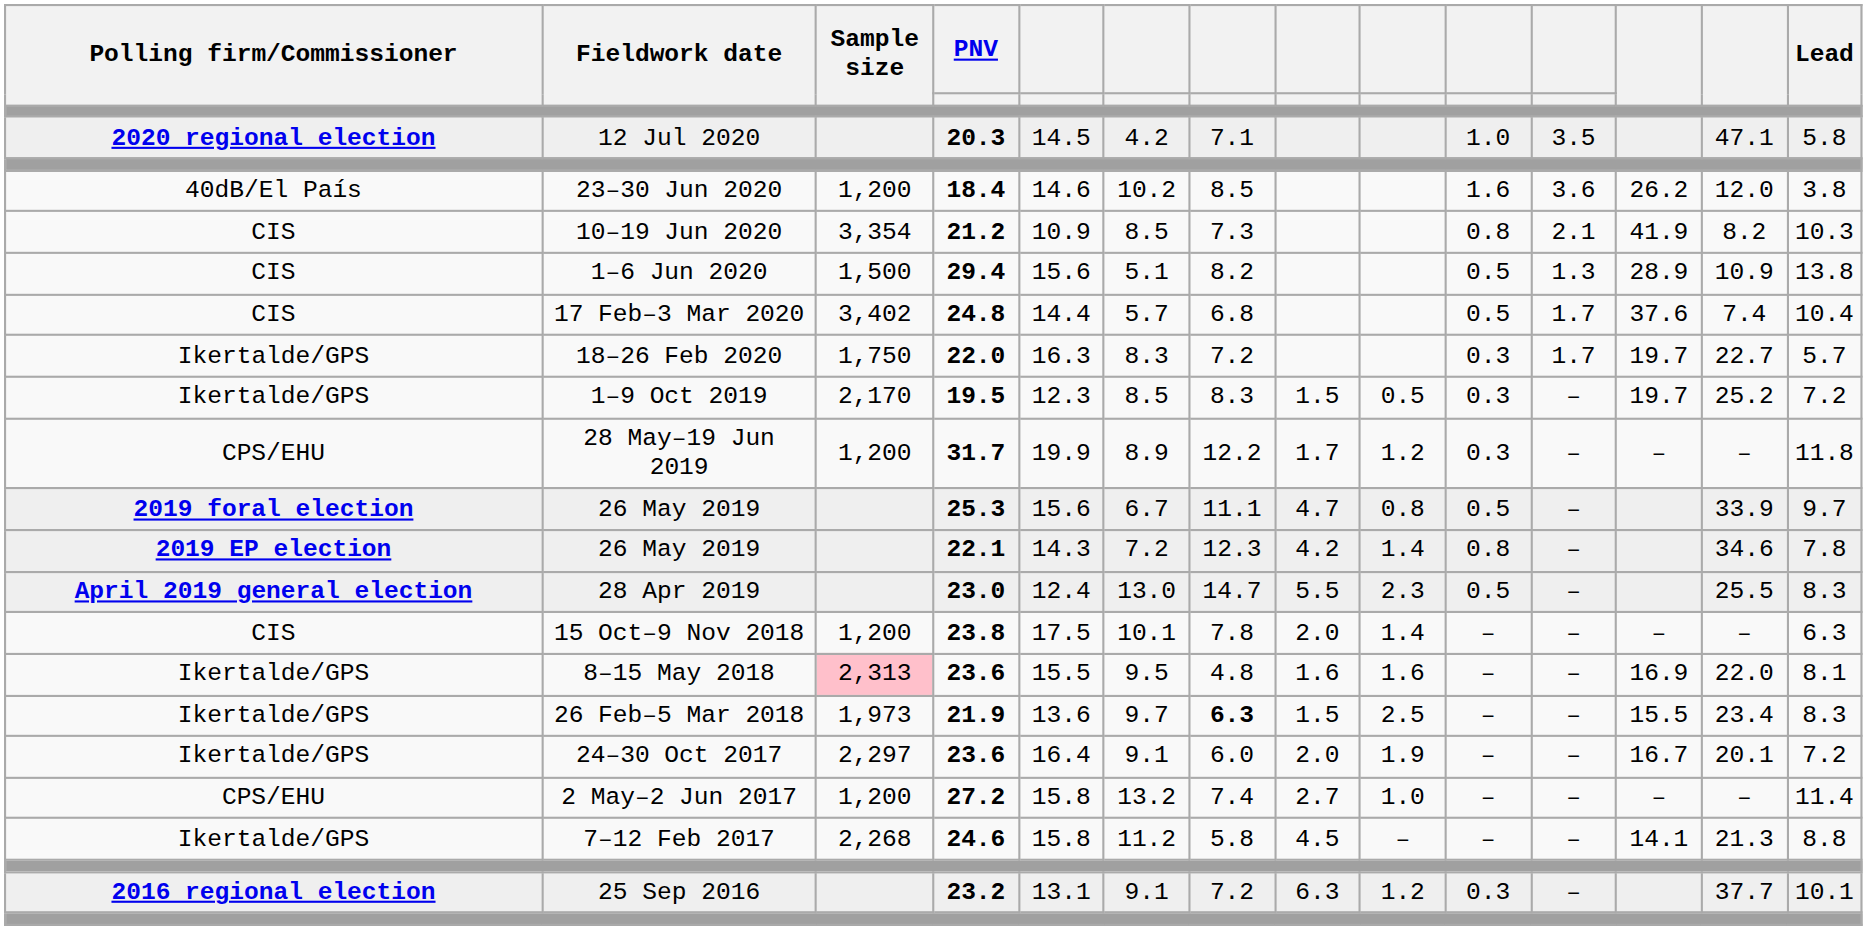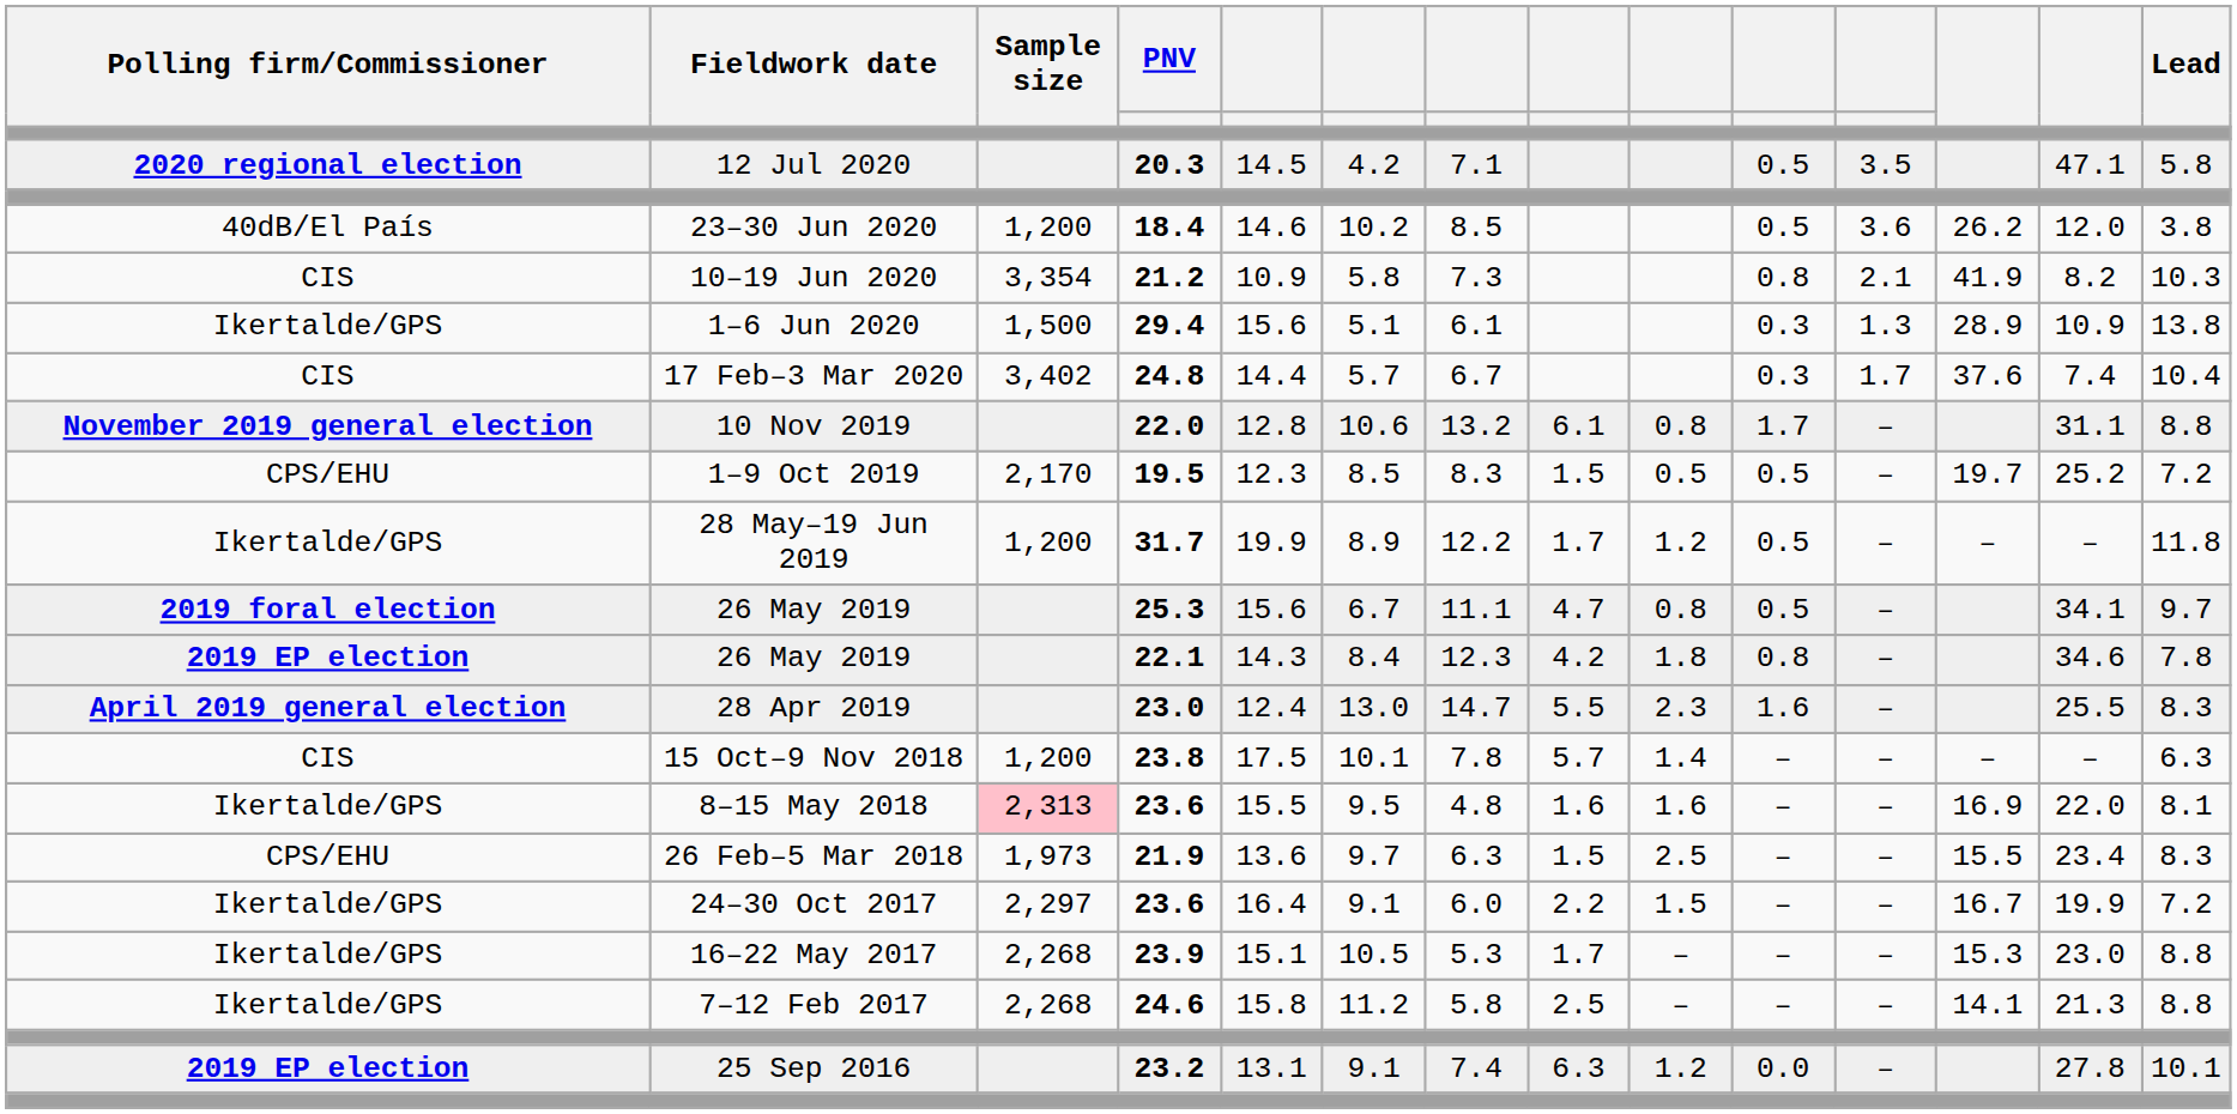 <table class="wikitable collapsible collapsed" style="text-align:center; font-size:90%; line-height:14px;">
 <tr style="height:42px;">
 <th style="width:250px;" rowspan="2">Polling firm/Commissioner</th>
 <th style="width:125px;" rowspan="2">Fieldwork date</th>
 <th style="width:50px;" rowspan="2">Sample size</th>
 <th style="width:35px;"><a href='#'>PNV</a></th>
 <th style="width:35px;"></th>
 <th style="width:35px;"></th>
 <th style="width:35px;"></th>
 <th style="width:35px;"></th>
 <th style="width:35px;"></th>
 <th style="width:35px;"></th>
 <th style="width:35px;"></th>
 <th style="width:35px;" rowspan="2"></th>
 <th style="width:35px;" rowspan="2"></th>
 <th style="width:30px;" rowspan="2">Lead</th>
 </tr>
 <tr>
 <th style="color:inherit;background:"></th>
 <th style="color:inherit;background:"></th>
 <th style="color:inherit;background:"></th>
 <th style="color:inherit;background:"></th>
 <th style="color:inherit;background:"></th>
 <th style="color:inherit;background:"></th>
 <th style="color:inherit;background:"></th>
 <th style="color:inherit;background:"></th>
 </tr>
 <tr>
 <td colspan="14" style="background:#A0A0A0"></td>
 </tr>
 <tr style="background:#EFEFEF;">
 <td><strong><a href='#'>2020 regional election</a></strong></td>
 <td>12 Jul 2020</td>
 <td></td>
 <td><strong>20.3</strong></td>
 <td>14.5</td>
 <td>4.2</td>
 <td>7.1</td>
 <td></td>
 <td></td>
-<td>1.0</td>
+<td>0.5</td>
 <td>3.5</td>
 <td></td>
 <td>47.1</td>
 <td style="background:">5.8</td>
 </tr>
 <tr>
 <td colspan="14" style="background:#A0A0A0"></td>
 </tr>
 <tr>
 <td>40dB/El País</td>
 <td>23–30 Jun 2020</td>
 <td>1,200</td>
 <td><strong>18.4</strong></td>
 <td>14.6</td>
 <td>10.2</td>
 <td>8.5</td>
 <td></td>
 <td></td>
-<td>1.6</td>
+<td>0.5</td>
 <td>3.6</td>
 <td>26.2</td>
 <td>12.0</td>
 <td style="background:">3.8</td>
 </tr>
 <tr>
 <td>CIS</td>
 <td>10–19 Jun 2020</td>
 <td>3,354</td>
 <td><strong>21.2</strong></td>
 <td>10.9</td>
-<td>8.5</td>
+<td>5.8</td>
 <td>7.3</td>
 <td></td>
 <td></td>
 <td>0.8</td>
 <td>2.1</td>
 <td>41.9</td>
 <td>8.2</td>
 <td style="background:">10.3</td>
 </tr>
 <tr>
-<td>CIS</td>
+<td>Ikertalde/GPS</td>
 <td>1–6 Jun 2020</td>
 <td>1,500</td>
 <td><strong>29.4</strong></td>
 <td>15.6</td>
 <td>5.1</td>
-<td>8.2</td>
+<td>6.1</td>
 <td></td>
 <td></td>
-<td>0.5</td>
+<td>0.3</td>
 <td>1.3</td>
 <td>28.9</td>
 <td>10.9</td>
 <td style="background:">13.8</td>
 </tr>
 <tr>
 <td>CIS</td>
 <td>17 Feb–3 Mar 2020</td>
 <td>3,402</td>
 <td><strong>24.8</strong></td>
 <td>14.4</td>
 <td>5.7</td>
-<td>6.8</td>
+<td>6.7</td>
 <td></td>
 <td></td>
-<td>0.5</td>
+<td>0.3</td>
 <td>1.7</td>
 <td>37.6</td>
 <td>7.4</td>
 <td style="background:">10.4</td>
 </tr>
-<tr>
-<td>Ikertalde/GPS</td>
-<td>18–26 Feb 2020</td>
-<td>1,750</td>
+<tr style="background:#EFEFEF;">
+<td><strong><a href='#'>November 2019 general election</a></strong></td>
+<td>10 Nov 2019</td>
+<td></td>
 <td><strong>22.0</strong></td>
-<td>16.3</td>
-<td>8.3</td>
-<td>7.2</td>
+<td>12.8</td>
+<td>10.6</td>
+<td>13.2</td>
+<td>6.1</td>
+<td>0.8</td>
+<td>1.7</td>
+<td>–</td>
 <td></td>
-<td></td>
-<td>0.3</td>
-<td>1.7</td>
-<td>19.7</td>
-<td>22.7</td>
-<td style="background:">5.7</td>
+<td>31.1</td>
+<td style="background:">8.8</td>
 </tr>
 <tr>
-<td>Ikertalde/GPS</td>
+<td>CPS/EHU</td>
 <td>1–9 Oct 2019</td>
 <td>2,170</td>
 <td><strong>19.5</strong></td>
 <td>12.3</td>
 <td>8.5</td>
 <td>8.3</td>
 <td>1.5</td>
 <td>0.5</td>
-<td>0.3</td>
+<td>0.5</td>
 <td>–</td>
 <td>19.7</td>
 <td>25.2</td>
 <td style="background:">7.2</td>
 </tr>
 <tr>
-<td>CPS/EHU</td>
+<td>Ikertalde/GPS</td>
 <td>28 May–19 Jun 2019</td>
 <td>1,200</td>
 <td><strong>31.7</strong></td>
 <td>19.9</td>
 <td>8.9</td>
 <td>12.2</td>
 <td>1.7</td>
 <td>1.2</td>
-<td>0.3</td>
+<td>0.5</td>
 <td>–</td>
 <td>–</td>
 <td>–</td>
 <td style="background:">11.8</td>
 </tr>
 <tr style="background:#EFEFEF;">
 <td><strong><a href='#'>2019 foral election</a></strong></td>
 <td>26 May 2019</td>
 <td></td>
 <td><strong>25.3</strong></td>
 <td>15.6</td>
 <td>6.7</td>
 <td>11.1</td>
 <td>4.7</td>
 <td>0.8</td>
 <td>0.5</td>
 <td>–</td>
 <td></td>
-<td>33.9</td>
+<td>34.1</td>
 <td style="background:">9.7</td>
 </tr>
 <tr style="background:#EFEFEF;">
 <td><strong><a href='#'>2019 EP election</a></strong></td>
 <td>26 May 2019</td>
 <td></td>
 <td><strong>22.1</strong></td>
 <td>14.3</td>
-<td>7.2</td>
+<td>8.4</td>
 <td>12.3</td>
 <td>4.2</td>
-<td>1.4</td>
+<td>1.8</td>
 <td>0.8</td>
 <td>–</td>
 <td></td>
 <td>34.6</td>
 <td style="background:">7.8</td>
 </tr>
 <tr style="background:#EFEFEF;">
 <td><strong><a href='#'>April 2019 general election</a></strong></td>
 <td>28 Apr 2019</td>
 <td></td>
 <td><strong>23.0</strong></td>
 <td>12.4</td>
 <td>13.0</td>
 <td>14.7</td>
 <td>5.5</td>
 <td>2.3</td>
-<td>0.5</td>
+<td>1.6</td>
 <td>–</td>
 <td></td>
 <td>25.5</td>
 <td style="background:">8.3</td>
 </tr>
 <tr>
 <td>CIS</td>
 <td>15 Oct–9 Nov 2018</td>
 <td>1,200</td>
 <td><strong>23.8</strong></td>
 <td>17.5</td>
 <td>10.1</td>
 <td>7.8</td>
-<td>2.0</td>
+<td>5.7</td>
 <td>1.4</td>
 <td>–</td>
 <td>–</td>
 <td>–</td>
 <td>–</td>
 <td style="background:">6.3</td>
 </tr>
 <tr>
 <td>Ikertalde/GPS</td>
 <td>8–15 May 2018</td>
 <td style="background: pink;">2,313</td>
 <td><strong>23.6</strong></td>
 <td>15.5</td>
 <td>9.5</td>
 <td>4.8</td>
 <td>1.6</td>
 <td>1.6</td>
 <td>–</td>
 <td>–</td>
 <td>16.9</td>
 <td>22.0</td>
 <td style="background:">8.1</td>
 </tr>
 <tr>
-<td>Ikertalde/GPS</td>
+<td>CPS/EHU</td>
 <td>26 Feb–5 Mar 2018</td>
 <td>1,973</td>
 <td><strong>21.9</strong></td>
 <td>13.6</td>
 <td>9.7</td>
-<td><strong>6.3</strong></td>
+<td>6.3</td>
 <td>1.5</td>
 <td>2.5</td>
 <td>–</td>
 <td>–</td>
 <td>15.5</td>
 <td>23.4</td>
 <td style="background:">8.3</td>
 </tr>
 <tr>
 <td>Ikertalde/GPS</td>
 <td>24–30 Oct 2017</td>
 <td>2,297</td>
 <td><strong>23.6</strong></td>
 <td>16.4</td>
 <td>9.1</td>
 <td>6.0</td>
-<td>2.0</td>
-<td>1.9</td>
+<td>2.2</td>
+<td>1.5</td>
 <td>–</td>
 <td>–</td>
 <td>16.7</td>
-<td>20.1</td>
+<td>19.9</td>
 <td style="background:">7.2</td>
 </tr>
 <tr>
-<td>CPS/EHU</td>
-<td>2 May–2 Jun 2017</td>
-<td>1,200</td>
-<td><strong>27.2</strong></td>
-<td>15.8</td>
-<td>13.2</td>
-<td>7.4</td>
-<td>2.7</td>
-<td>1.0</td>
+<td>Ikertalde/GPS</td>
+<td>16–22 May 2017</td>
+<td>2,268</td>
+<td><strong>23.9</strong></td>
+<td>15.1</td>
+<td>10.5</td>
+<td>5.3</td>
+<td>1.7</td>
 <td>–</td>
 <td>–</td>
 <td>–</td>
-<td>–</td>
-<td style="background:">11.4</td>
+<td>15.3</td>
+<td>23.0</td>
+<td style="background:">8.8</td>
 </tr>
 <tr>
 <td>Ikertalde/GPS</td>
 <td>7–12 Feb 2017</td>
 <td>2,268</td>
 <td><strong>24.6</strong></td>
 <td>15.8</td>
 <td>11.2</td>
 <td>5.8</td>
-<td>4.5</td>
+<td>2.5</td>
 <td>–</td>
 <td>–</td>
 <td>–</td>
 <td>14.1</td>
 <td>21.3</td>
 <td style="background:">8.8</td>
 </tr>
 <tr>
 <td colspan="14" style="background:#A0A0A0"></td>
 </tr>
 <tr style="background:#EFEFEF;">
-<td><strong><a href='#'>2016 regional election</a></strong></td>
+<td><strong><a href='#'>2019 EP election</a></strong></td>
 <td>25 Sep 2016</td>
 <td></td>
 <td><strong>23.2</strong></td>
 <td>13.1</td>
 <td>9.1</td>
-<td>7.2</td>
+<td>7.4</td>
 <td>6.3</td>
 <td>1.2</td>
-<td>0.3</td>
+<td>0.0</td>
 <td>–</td>
 <td></td>
-<td>37.7</td>
+<td>27.8</td>
 <td style="background:">10.1</td>
 </tr>
 <tr>
 <td colspan="14" style="background:#A0A0A0"></td>
 </tr>
 </table>
